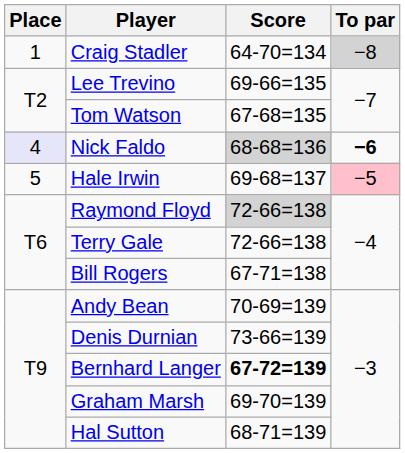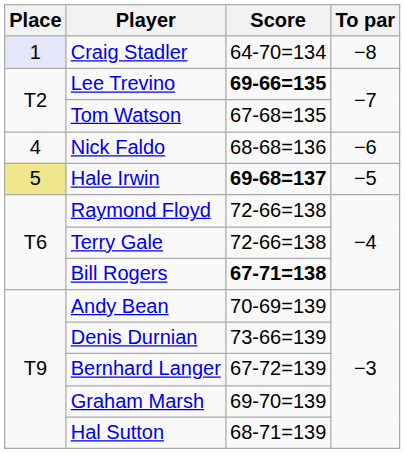 <table class="wikitable">
 <tr>
 <th>Place</th>
 <th>Player</th>
 <th>Score</th>
 <th>To par</th>
 </tr>
 <tr>
-<td align=center>1</td>
+<td align=center style="background: lavender;">1</td>
 <td> <a href='#'>Craig Stadler</a></td>
 <td align=center>64-70=134</td>
-<td align=center style="background: lightgrey;">−8</td>
+<td align=center>−8</td>
 </tr>
 <tr>
 <td rowspan="2" align=center>T2</td>
 <td> <a href='#'>Lee Trevino</a></td>
-<td align=center>69-66=135</td>
+<td align=center><strong>69-66=135</strong></td>
 <td rowspan="2" align=center>−7</td>
 </tr>
 <tr>
 <td> <a href='#'>Tom Watson</a></td>
 <td align=center>67-68=135</td>
 </tr>
 <tr>
-<td align=center style="background: lavender;">4</td>
+<td align=center>4</td>
 <td> <a href='#'>Nick Faldo</a></td>
-<td align=center style="background: lightgrey;">68-68=136</td>
-<td align=center><strong>−6</strong></td>
+<td align=center>68-68=136</td>
+<td align=center>−6</td>
 </tr>
 <tr>
-<td align=center>5</td>
+<td align=center style="background: khaki;">5</td>
 <td> <a href='#'>Hale Irwin</a></td>
-<td align=center>69-68=137</td>
-<td align=center style="background: pink;">−5</td>
+<td align=center><strong>69-68=137</strong></td>
+<td align=center>−5</td>
 </tr>
 <tr>
 <td rowspan="3" align=center>T6</td>
 <td> <a href='#'>Raymond Floyd</a></td>
-<td align=center style="background: lightgrey;">72-66=138</td>
+<td align=center>72-66=138</td>
 <td rowspan="3" align=center>−4</td>
 </tr>
 <tr>
 <td> <a href='#'>Terry Gale</a></td>
 <td align=center>72-66=138</td>
 </tr>
 <tr>
 <td> <a href='#'>Bill Rogers</a></td>
-<td align=center>67-71=138</td>
+<td align=center><strong>67-71=138</strong></td>
 </tr>
 <tr>
 <td rowspan="5" align=center>T9</td>
 <td> <a href='#'>Andy Bean</a></td>
 <td align=center>70-69=139</td>
 <td rowspan="5" align=center>−3</td>
 </tr>
 <tr>
 <td> <a href='#'>Denis Durnian</a></td>
 <td align=center>73-66=139</td>
 </tr>
 <tr>
 <td> <a href='#'>Bernhard Langer</a></td>
-<td align=center><strong>67-72=139</strong></td>
+<td align=center>67-72=139</td>
 </tr>
 <tr>
 <td> <a href='#'>Graham Marsh</a></td>
 <td align=center>69-70=139</td>
 </tr>
 <tr>
 <td> <a href='#'>Hal Sutton</a></td>
 <td align=center>68-71=139</td>
 </tr>
 </table>
